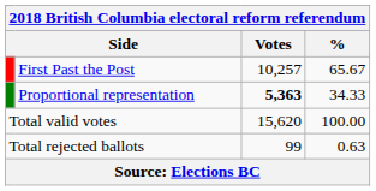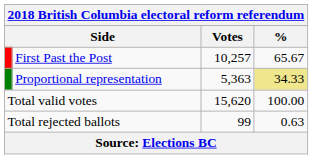 <table class="wikitable">
 <tr>
 <th colspan=4><a href='#'>2018 British Columbia electoral reform referendum</a></th>
 </tr>
 <tr>
 <th colspan=2>Side</th>
 <th>Votes</th>
 <th>%</th>
 </tr>
 <tr>
 <td style="background:red"></td>
 <td><a href='#'>First Past the Post</a></td>
 <td style="text-align:right">10,257</td>
 <td style="text-align:right">65.67</td>
 </tr>
 <tr>
 <td style="background:green"></td>
 <td><a href='#'>Proportional representation</a></td>
-<td style="text-align:right"><strong>5,363</strong></td>
-<td style="text-align:right">34.33</td>
+<td style="text-align:right">5,363</td>
+<td style="background: khaki; text-align:right">34.33</td>
 </tr>
 <tr>
 <td colspan="2">Total valid votes</td>
 <td style="text-align:right">15,620</td>
 <td style="text-align:right">100.00</td>
 </tr>
 <tr>
 <td colspan="2">Total rejected ballots</td>
 <td style="text-align:right">99</td>
 <td style="text-align:right">0.63</td>
 </tr>
 <tr>
 <th colspan="4">Source: <a href='#'>Elections BC</a></th>
 </tr>
 </table>
